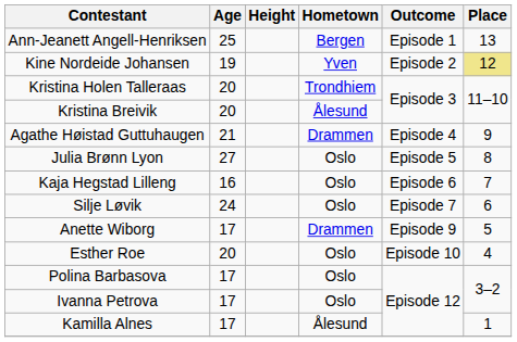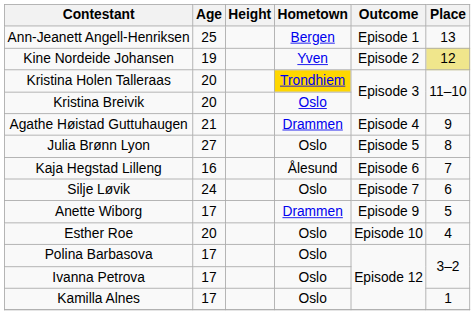 <table class="wikitable sortable" style="text-align:center;">
 <tr>
 <th>Contestant</th>
 <th>Age</th>
 <th>Height</th>
 <th>Hometown</th>
 <th>Outcome</th>
 <th>Place</th>
 </tr>
 <tr>
 <td>Ann-Jeanett Angell-Henriksen</td>
 <td>25</td>
 <td></td>
 <td><a href='#'>Bergen</a></td>
 <td>Episode 1</td>
 <td>13</td>
 </tr>
 <tr>
 <td>Kine Nordeide Johansen</td>
 <td>19</td>
 <td></td>
 <td><a href='#'>Yven</a></td>
 <td>Episode 2</td>
 <td style="background: khaki;">12</td>
 </tr>
 <tr>
 <td>Kristina Holen Talleraas</td>
 <td>20</td>
 <td></td>
-<td><a href='#'>Trondhiem</a></td>
+<td style="background: gold;"><a href='#'>Trondhiem</a></td>
 <td rowspan="2">Episode 3</td>
 <td rowspan="2">11–10</td>
 </tr>
 <tr>
 <td>Kristina Breivik</td>
 <td>20</td>
 <td></td>
-<td><a href='#'>Ålesund</a></td>
+<td><a href='#'>Oslo</a></td>
 </tr>
 <tr>
 <td>Agathe Høistad Guttuhaugen</td>
 <td>21</td>
 <td></td>
 <td><a href='#'>Drammen</a></td>
 <td>Episode 4</td>
 <td>9</td>
 </tr>
 <tr>
 <td>Julia Brønn Lyon</td>
 <td>27</td>
 <td></td>
 <td>Oslo</td>
 <td>Episode 5</td>
 <td>8</td>
 </tr>
 <tr>
 <td>Kaja Hegstad Lilleng</td>
 <td>16</td>
 <td></td>
-<td>Oslo</td>
+<td>Ålesund</td>
 <td>Episode 6</td>
 <td>7</td>
 </tr>
 <tr>
 <td>Silje Løvik</td>
 <td>24</td>
 <td></td>
 <td>Oslo</td>
 <td>Episode 7</td>
 <td>6</td>
 </tr>
 <tr>
 <td>Anette Wiborg</td>
 <td>17</td>
 <td></td>
 <td><a href='#'>Drammen</a></td>
 <td>Episode 9</td>
 <td>5</td>
 </tr>
 <tr>
 <td>Esther Roe</td>
 <td>20</td>
 <td></td>
 <td>Oslo</td>
 <td>Episode 10</td>
 <td>4</td>
 </tr>
 <tr>
 <td>Polina Barbasova</td>
 <td>17</td>
 <td></td>
 <td>Oslo</td>
 <td rowspan="3">Episode 12</td>
 <td rowspan="2">3–2</td>
 </tr>
 <tr>
 <td>Ivanna Petrova</td>
 <td>17</td>
 <td></td>
 <td>Oslo</td>
 </tr>
 <tr>
 <td>Kamilla Alnes</td>
 <td>17</td>
 <td></td>
-<td>Ålesund</td>
+<td>Oslo</td>
 <td>1</td>
 </tr>
 <tr>
 </tr>
 </table>
